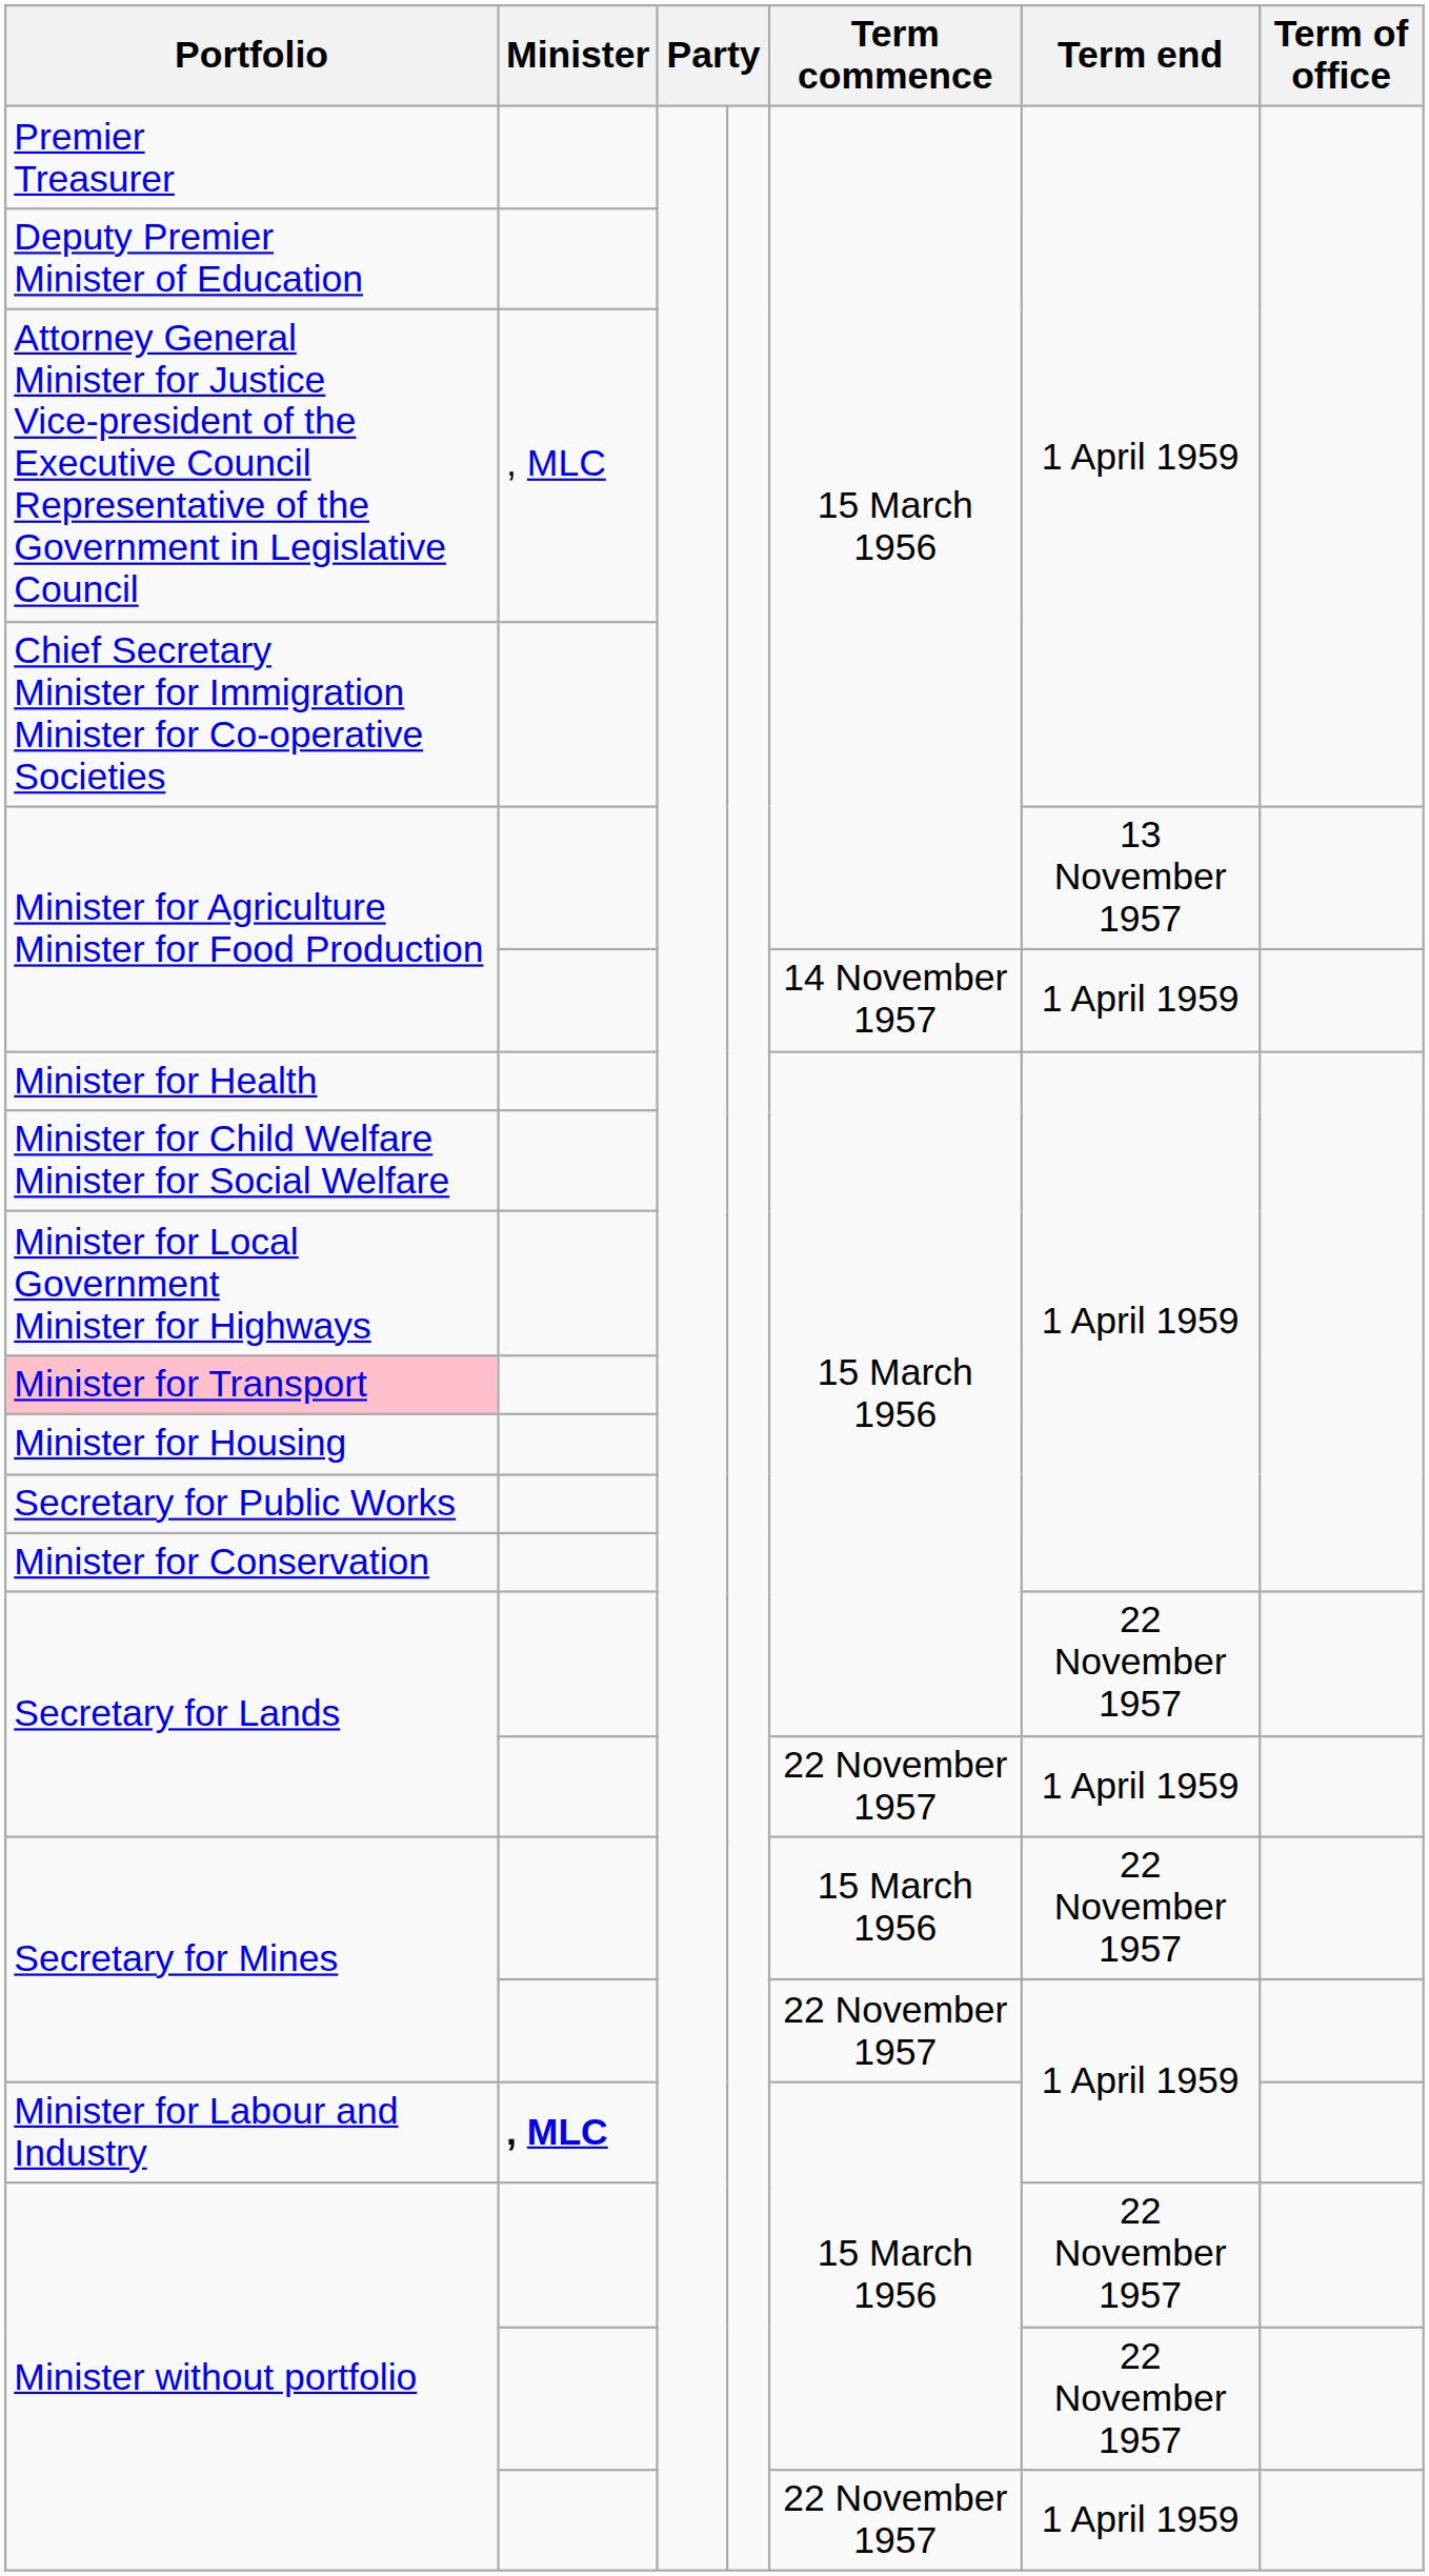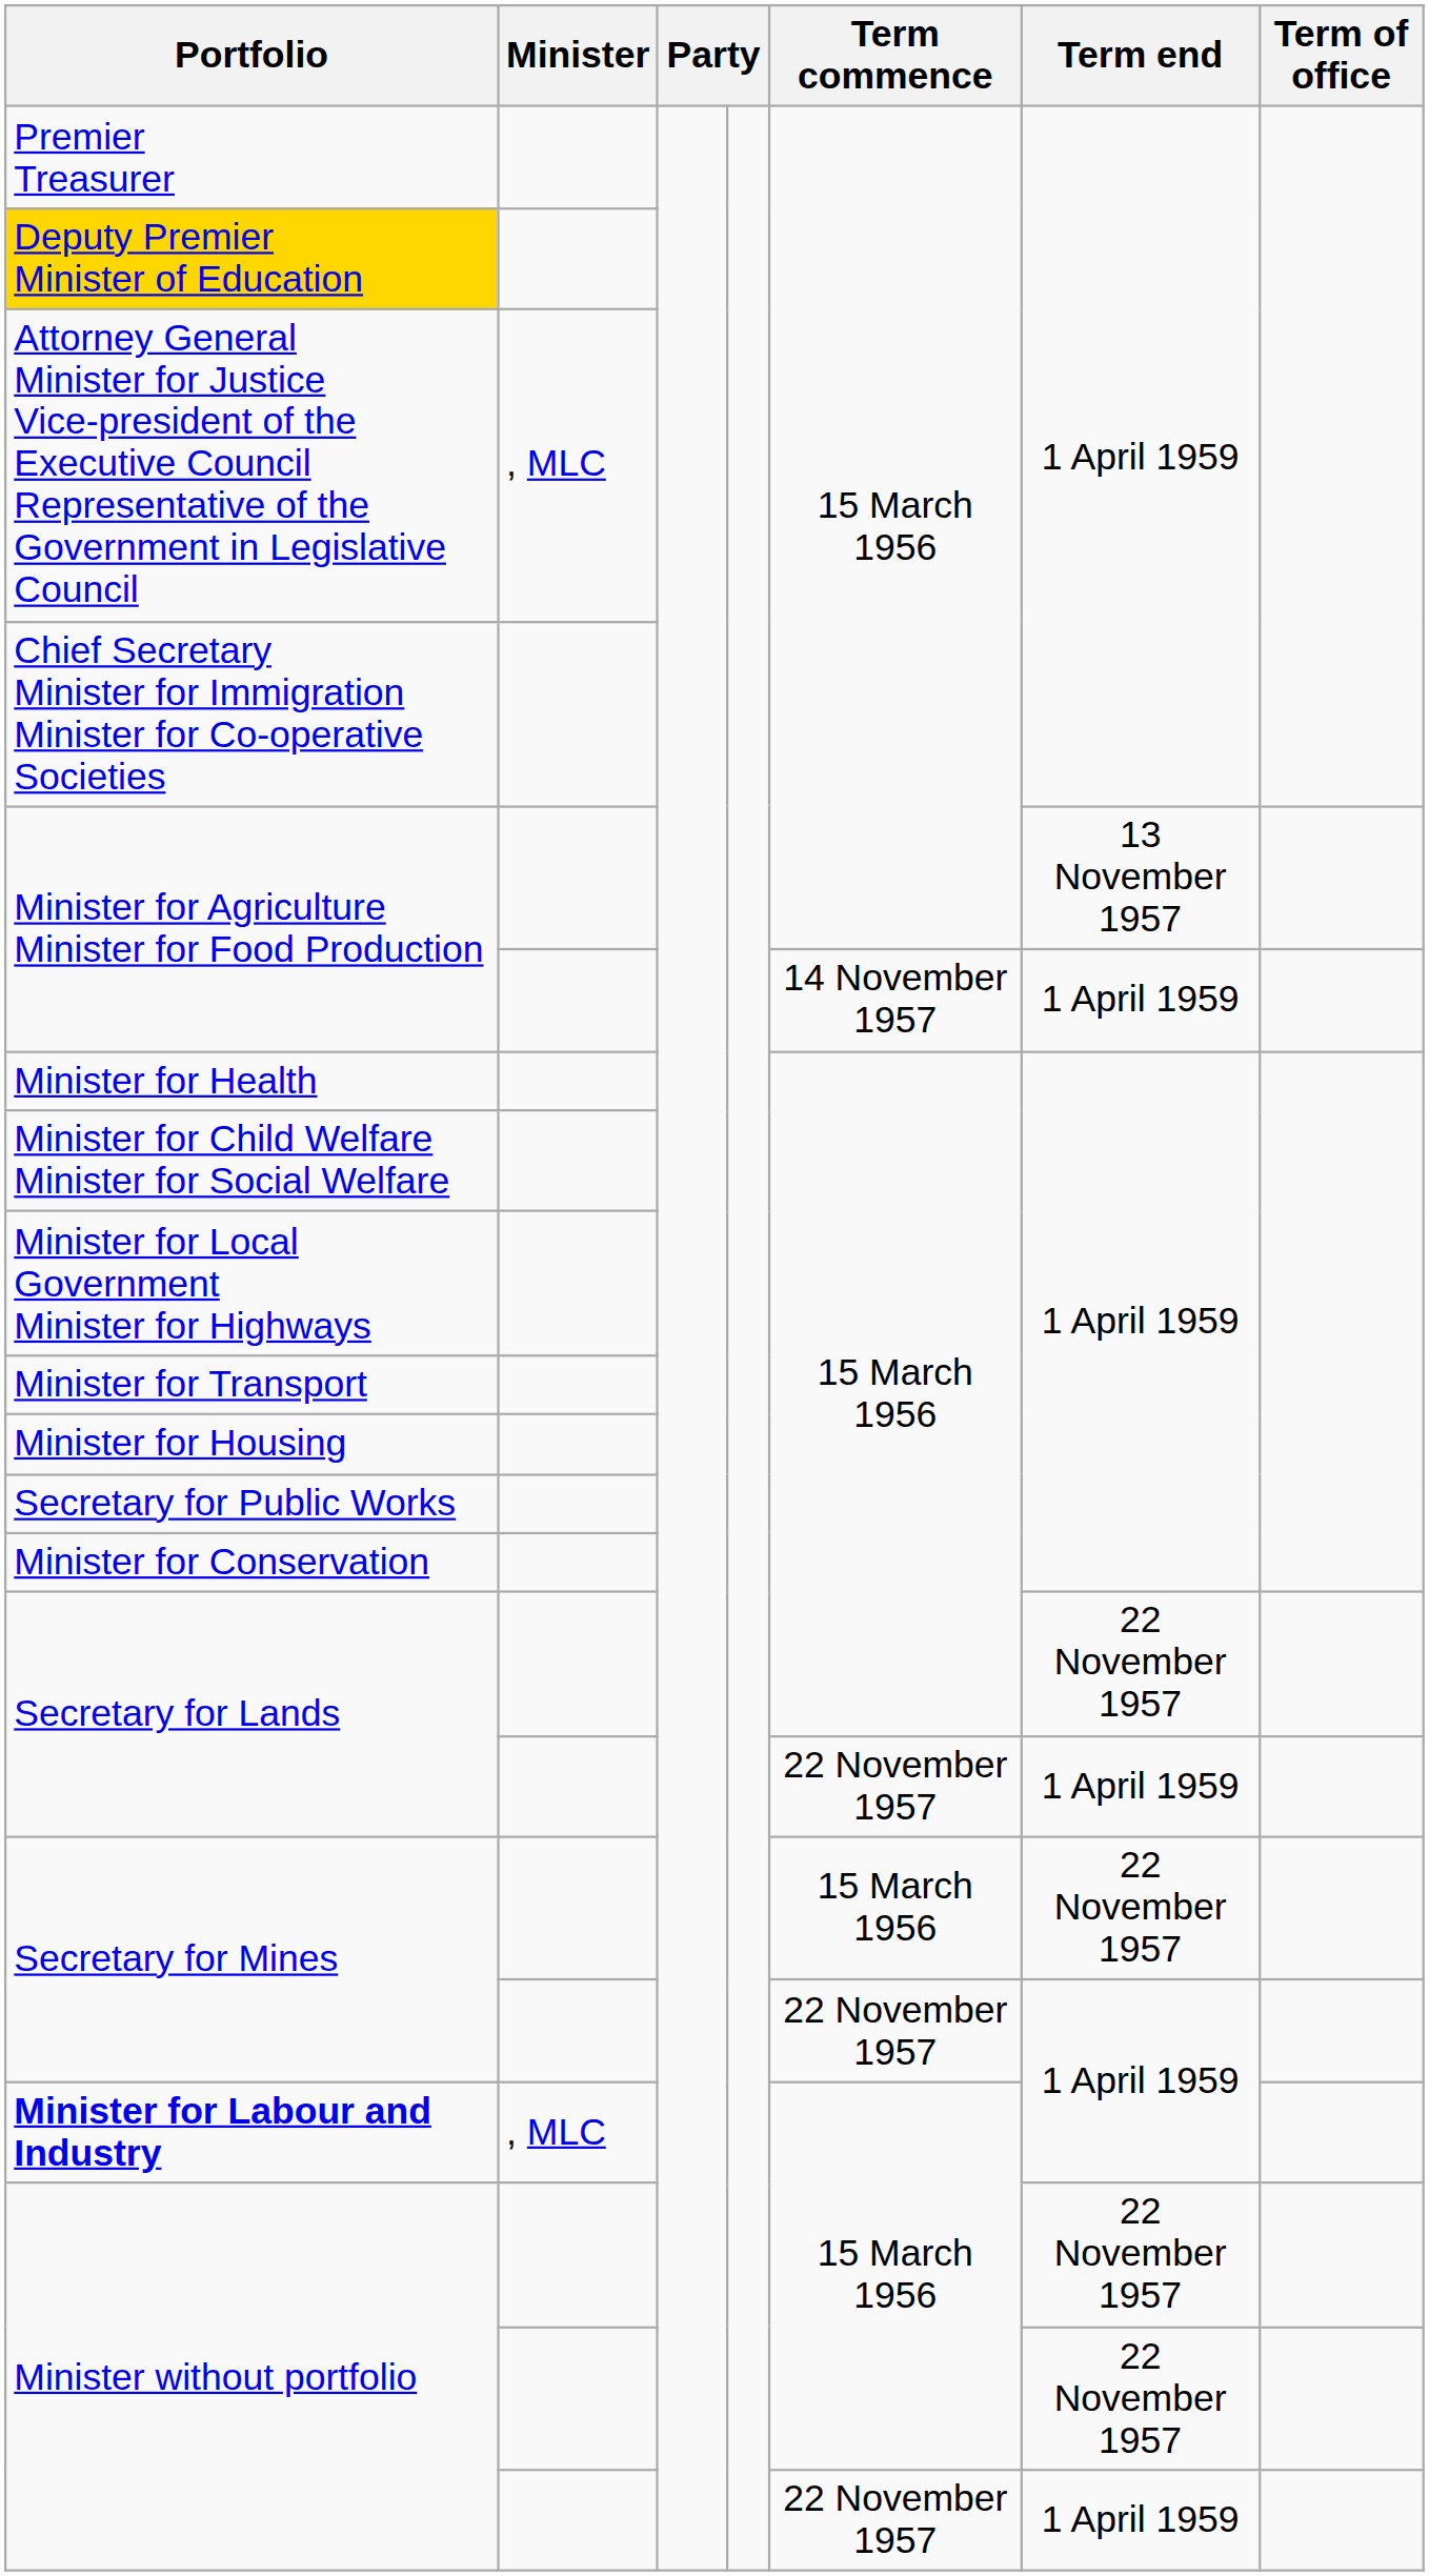 <table class="wikitable sortable">
 <tr>
 <th>Portfolio</th>
 <th>Minister</th>
 <th colspan=2>Party</th>
 <th>Term commence</th>
 <th>Term end</th>
 <th>Term of office</th>
 </tr>
 <tr>
 <td><a href='#'>Premier</a><br><a href='#'>Treasurer</a></td>
 <td></td>
 <td rowspan=21 > </td>
 <td rowspan=21></td>
 <td rowspan=5 align=center>15 March 1956</td>
 <td rowspan=4 align=center>1 April 1959</td>
 <td rowspan=4 align=right></td>
 </tr>
 <tr>
-<td><a href='#'>Deputy Premier</a><br><a href='#'>Minister of Education</a></td>
+<td style="background: gold;"><a href='#'>Deputy Premier</a><br><a href='#'>Minister of Education</a></td>
 <td></td>
 </tr>
 <tr>
 <td><a href='#'>Attorney General</a><br><a href='#'>Minister for Justice</a><br><a href='#'>Vice-president of the Executive Council</a><br><a href='#'>Representative of the Government in Legislative Council</a></td>
 <td>, <a href='#'>MLC</a></td>
 </tr>
 <tr>
 <td><a href='#'>Chief Secretary</a><br><a href='#'>Minister for Immigration</a><br><a href='#'>Minister for Co-operative Societies</a></td>
 <td></td>
 </tr>
 <tr>
 <td rowspan=2><a href='#'>Minister for Agriculture<br>Minister for Food Production</a></td>
 <td></td>
 <td align=center>13 November 1957</td>
 <td align=right></td>
 </tr>
 <tr>
 <td></td>
 <td align=center>14 November 1957</td>
 <td align=center>1 April 1959</td>
 <td align=right></td>
 </tr>
 <tr>
 <td><a href='#'>Minister for Health</a></td>
 <td></td>
 <td rowspan=8 align=center>15 March 1956</td>
 <td rowspan=7 align=center>1 April 1959</td>
 <td rowspan=7 align=right></td>
 </tr>
 <tr>
 <td><a href='#'>Minister for Child Welfare</a><br><a href='#'>Minister for Social Welfare</a></td>
 <td></td>
 </tr>
 <tr>
 <td><a href='#'>Minister for Local Government</a><br><a href='#'>Minister for Highways</a></td>
 <td></td>
 </tr>
 <tr>
-<td style="background: pink;"><a href='#'>Minister for Transport</a></td>
+<td><a href='#'>Minister for Transport</a></td>
 <td></td>
 </tr>
 <tr>
 <td><a href='#'>Minister for Housing</a></td>
 <td></td>
 </tr>
 <tr>
 <td><a href='#'>Secretary for Public Works</a></td>
 <td></td>
 </tr>
 <tr>
 <td><a href='#'>Minister for Conservation</a></td>
 <td></td>
 </tr>
 <tr>
 <td rowspan=2><a href='#'>Secretary for Lands</a></td>
 <td></td>
 <td align=center>22 November 1957</td>
 <td align=right></td>
 </tr>
 <tr>
 <td></td>
 <td align=center>22 November 1957</td>
 <td align=center>1 April 1959</td>
 <td align=right></td>
 </tr>
 <tr>
 <td rowspan=2><a href='#'>Secretary for Mines</a></td>
 <td></td>
 <td align=center>15 March 1956</td>
 <td align=center>22 November 1957</td>
 <td align=right></td>
 </tr>
 <tr>
 <td></td>
 <td align=center>22 November 1957</td>
 <td rowspan=2 align=center>1 April 1959</td>
 <td align=right></td>
 </tr>
 <tr>
-<td><a href='#'>Minister for Labour and Industry</a></td>
-<td><strong>, <a href='#'>MLC</a></strong></td>
+<td><strong><a href='#'>Minister for Labour and Industry</a></strong></td>
+<td>, <a href='#'>MLC</a></td>
 <td rowspan=3 align=center>15 March 1956</td>
 <td align=right></td>
 </tr>
 <tr>
 <td rowspan="3"><a href='#'>Minister without portfolio</a></td>
 <td></td>
 <td align=center>22 November 1957</td>
 <td align=right></td>
 </tr>
 <tr>
 <td></td>
 <td align=center>22 November 1957</td>
 <td align=right></td>
 </tr>
 <tr>
 <td></td>
 <td align=center>22 November 1957</td>
 <td align=center>1 April 1959</td>
 <td align=right></td>
 </tr>
 </table>
